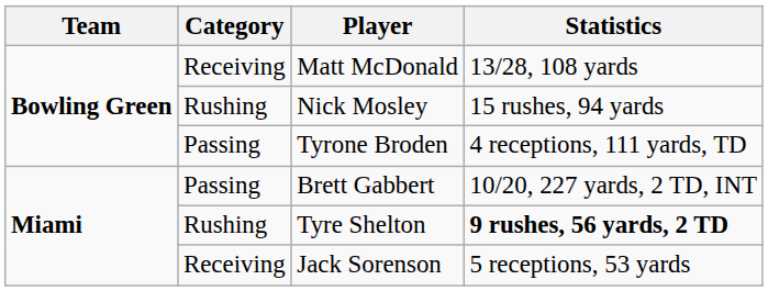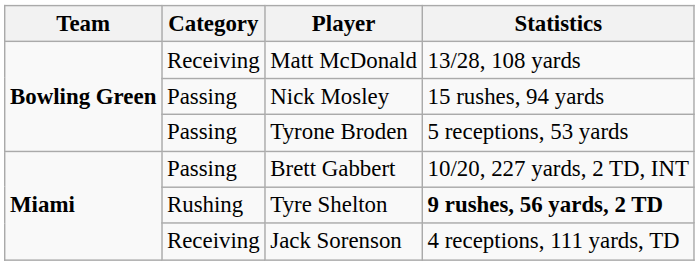 <table class="wikitable" style="float: left;">
 <tr>
 <th>Team</th>
 <th>Category</th>
 <th>Player</th>
 <th>Statistics</th>
 </tr>
 <tr>
 <td rowspan=3><strong>Bowling Green</strong></td>
 <td>Receiving</td>
 <td>Matt McDonald</td>
 <td>13/28, 108 yards</td>
 </tr>
 <tr>
-<td>Rushing</td>
+<td>Passing</td>
 <td>Nick Mosley</td>
 <td>15 rushes, 94 yards</td>
 </tr>
 <tr>
 <td>Passing</td>
 <td>Tyrone Broden</td>
-<td>4 receptions, 111 yards, TD</td>
+<td>5 receptions, 53 yards</td>
 </tr>
 <tr>
 <td rowspan=3><strong>Miami</strong></td>
 <td>Passing</td>
 <td>Brett Gabbert</td>
 <td>10/20, 227 yards, 2 TD, INT</td>
 </tr>
 <tr>
 <td>Rushing</td>
 <td>Tyre Shelton</td>
 <td><strong>9 rushes, 56 yards, 2 TD</strong></td>
 </tr>
 <tr>
 <td>Receiving</td>
 <td>Jack Sorenson</td>
-<td>5 receptions, 53 yards</td>
+<td>4 receptions, 111 yards, TD</td>
 </tr>
 </table>
